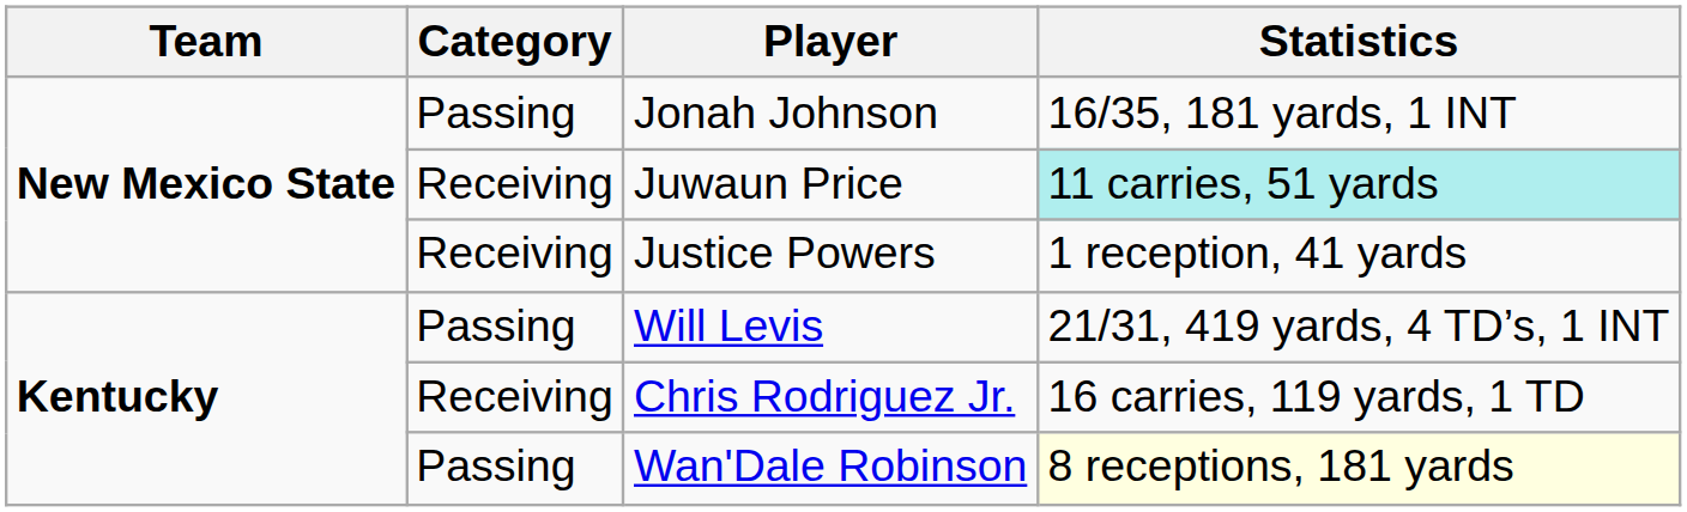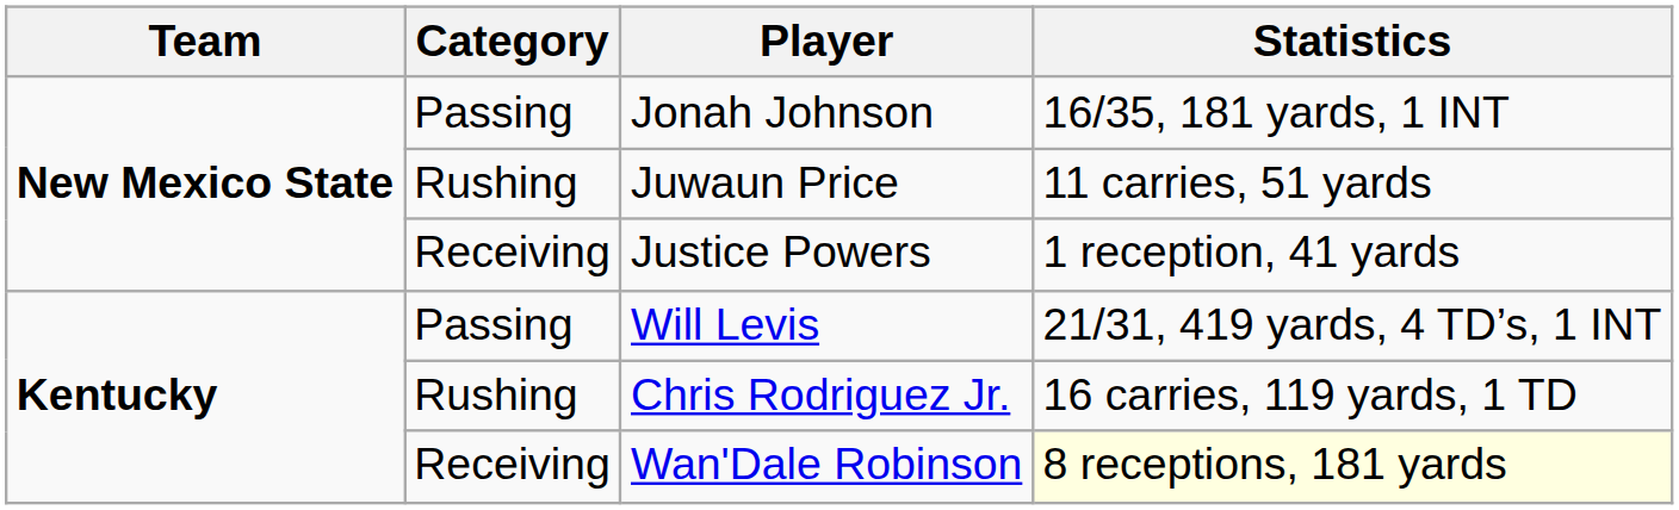 <table class="wikitable" style="float: left;">
 <tr>
 <th>Team</th>
 <th>Category</th>
 <th>Player</th>
 <th>Statistics</th>
 </tr>
 <tr>
 <td rowspan=3><strong>New Mexico State</strong></td>
 <td>Passing</td>
 <td>Jonah Johnson</td>
 <td>16/35, 181 yards, 1 INT</td>
 </tr>
 <tr>
-<td>Receiving</td>
+<td>Rushing</td>
 <td>Juwaun Price</td>
-<td style="background: paleturquoise;">11 carries, 51 yards</td>
+<td>11 carries, 51 yards</td>
 </tr>
 <tr>
 <td>Receiving</td>
 <td>Justice Powers</td>
 <td>1 reception, 41 yards</td>
 </tr>
 <tr>
 <td rowspan=3><strong>Kentucky</strong></td>
 <td>Passing</td>
 <td><a href='#'>Will Levis</a></td>
 <td>21/31, 419 yards, 4 TD’s, 1 INT</td>
 </tr>
 <tr>
-<td>Receiving</td>
+<td>Rushing</td>
 <td><a href='#'>Chris Rodriguez Jr.</a></td>
 <td>16 carries, 119 yards, 1 TD</td>
 </tr>
 <tr>
-<td>Passing</td>
+<td>Receiving</td>
 <td><a href='#'>Wan'Dale Robinson</a></td>
 <td style="background: lightyellow;">8 receptions, 181 yards</td>
 </tr>
 </table>
